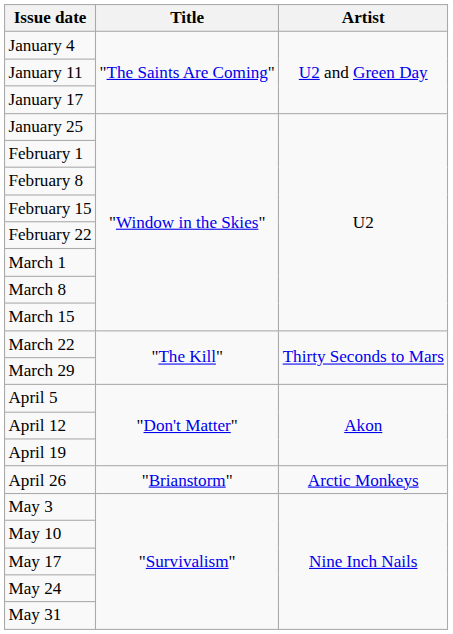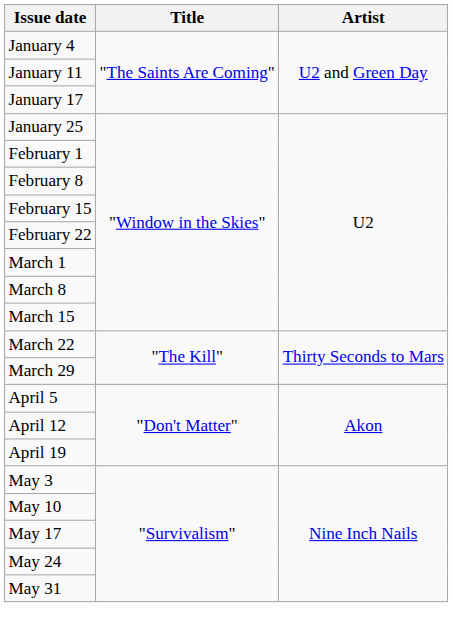 <table class="wikitable">
 <tr>
 <th>Issue date</th>
 <th>Title</th>
 <th>Artist</th>
 </tr>
 <tr>
 <td>January 4</td>
 <td rowspan=3 style="text-align:center;">"<a href='#'>The Saints Are Coming</a>"</td>
 <td rowspan=3 style="text-align:center;"><a href='#'>U2</a> and <a href='#'>Green Day</a></td>
 </tr>
 <tr>
 <td>January 11</td>
 </tr>
 <tr>
 <td>January 17</td>
 </tr>
 <tr>
 <td>January 25</td>
 <td rowspan=8 style="text-align:center;">"<a href='#'>Window in the Skies</a>"</td>
 <td rowspan=8 style="text-align:center;">U2</td>
 </tr>
 <tr>
 <td>February 1</td>
 </tr>
 <tr>
 <td>February 8</td>
 </tr>
 <tr>
 <td>February 15</td>
 </tr>
 <tr>
 <td>February 22</td>
 </tr>
 <tr>
 <td>March 1</td>
 </tr>
 <tr>
 <td>March 8</td>
 </tr>
 <tr>
 <td>March 15</td>
 </tr>
 <tr>
 <td>March 22</td>
 <td rowspan=2 style="text-align:center;">"<a href='#'>The Kill</a>"</td>
 <td rowspan=2 style="text-align:center;"><a href='#'>Thirty Seconds to Mars</a></td>
 </tr>
 <tr>
 <td>March 29</td>
 </tr>
 <tr>
 <td>April 5</td>
 <td rowspan=3 style="text-align:center;">"<a href='#'>Don't Matter</a>"</td>
 <td rowspan=3 style="text-align:center;"><a href='#'>Akon</a></td>
 </tr>
 <tr>
 <td>April 12</td>
 </tr>
 <tr>
 <td>April 19</td>
 </tr>
 <tr>
-<td>April 26</td>
-<td style="text-align:center;">"<a href='#'>Brianstorm</a>"</td>
-<td style="text-align:center;"><a href='#'>Arctic Monkeys</a></td>
-</tr>
-<tr>
 <td>May 3</td>
 <td rowspan=5 style="text-align:center;">"<a href='#'>Survivalism</a>"</td>
 <td rowspan=5 style="text-align:center;"><a href='#'>Nine Inch Nails</a></td>
 </tr>
 <tr>
 <td>May 10</td>
 </tr>
 <tr>
 <td>May 17</td>
 </tr>
 <tr>
 <td>May 24</td>
 </tr>
 <tr>
 <td>May 31</td>
 </tr>
 </table>
